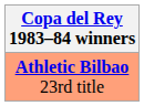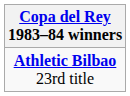 <table class="wikitable" style="text-align: center; margin: 0 auto;">
 <tr>
 <th><a href='#'>Copa del Rey</a><br>1983–84 winners</th>
 </tr>
 <tr>
-<td style="background: lightsalmon;"><strong><a href='#'>Athletic Bilbao</a></strong><br>23rd title</td>
+<td><strong><a href='#'>Athletic Bilbao</a></strong><br>23rd title</td>
 </tr>
 </table>
